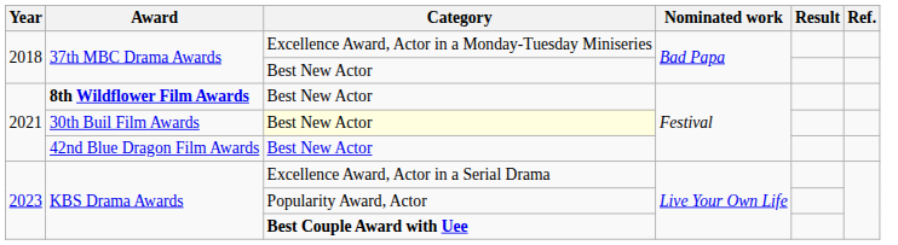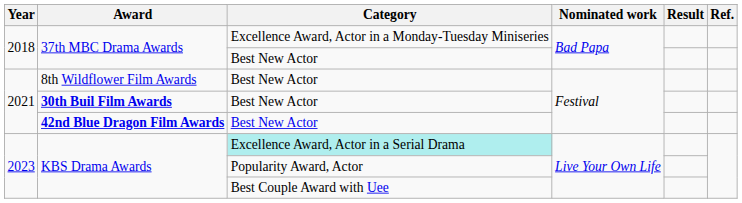 <table class="wikitable sortable plainrowheaders">
 <tr>
 <th>Year</th>
 <th>Award</th>
 <th>Category</th>
 <th>Nominated work</th>
 <th>Result</th>
 <th>Ref.</th>
 </tr>
 <tr>
 <td rowspan="2">2018</td>
 <td rowspan="2"><a href='#'>37th MBC Drama Awards</a></td>
 <td>Excellence Award, Actor in a Monday-Tuesday Miniseries</td>
 <td rowspan="2"><em><a href='#'>Bad Papa</a></em></td>
 <td></td>
 <td rowspan="1"></td>
 </tr>
 <tr>
 <td>Best New Actor</td>
 <td></td>
 <td></td>
 </tr>
 <tr>
 <td rowspan="3">2021</td>
-<td><strong>8th <a href='#'>Wildflower Film Awards</a></strong></td>
+<td>8th <a href='#'>Wildflower Film Awards</a></td>
 <td>Best New Actor</td>
 <td rowspan="3"><em>Festival</em></td>
 <td></td>
 <td></td>
 </tr>
 <tr>
-<td><a href='#'>30th Buil Film Awards</a></td>
-<td style="background: lightyellow;">Best New Actor</td>
+<td><strong><a href='#'>30th Buil Film Awards</a></strong></td>
+<td>Best New Actor</td>
 <td></td>
 <td></td>
 </tr>
 <tr>
-<td><a href='#'>42nd Blue Dragon Film Awards</a></td>
+<td><strong><a href='#'>42nd Blue Dragon Film Awards</a></strong></td>
 <td><a href='#'>Best New Actor</a></td>
 <td></td>
 <td></td>
 </tr>
 <tr>
 <td rowspan=3><a href='#'>2023</a></td>
 <td rowspan=3><a href='#'>KBS Drama Awards</a></td>
-<td>Excellence Award, Actor in a Serial Drama</td>
+<td style="background: paleturquoise;">Excellence Award, Actor in a Serial Drama</td>
 <td rowspan=3><em><a href='#'>Live Your Own Life</a></em></td>
 <td></td>
 <td rowspan=3></td>
 </tr>
 <tr>
 <td>Popularity Award, Actor</td>
 <td></td>
 </tr>
 <tr>
-<td><strong>Best Couple Award with <a href='#'>Uee</a></strong></td>
+<td>Best Couple Award with <a href='#'>Uee</a></td>
 <td></td>
 </tr>
 </table>
